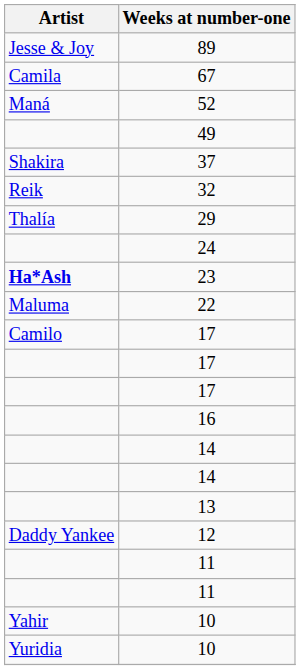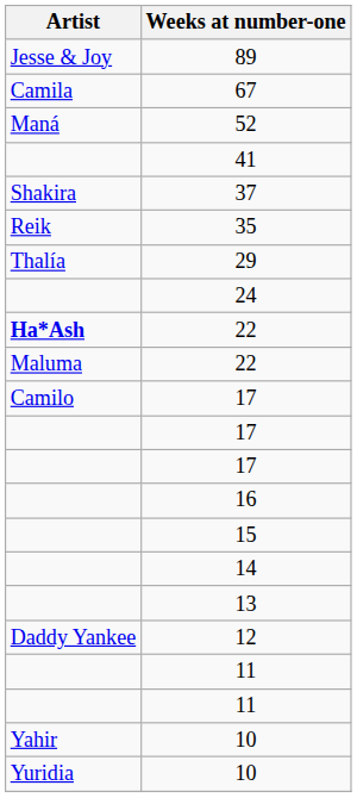 <table class="wikitable sortable" border="1" style="text-align: center;">
 <tr>
 <th>Artist</th>
 <th>Weeks at number-one</th>
 </tr>
 <tr>
 <td align=left><a href='#'>Jesse & Joy</a></td>
 <td>89</td>
 </tr>
 <tr>
 <td align=left><a href='#'>Camila</a></td>
 <td>67</td>
 </tr>
 <tr>
 <td align=left><a href='#'>Maná</a></td>
 <td>52</td>
 </tr>
 <tr>
 <td align=left></td>
-<td>49</td>
+<td>41</td>
 </tr>
 <tr>
 <td align=left><a href='#'>Shakira</a></td>
 <td>37</td>
 </tr>
 <tr>
 <td align=left><a href='#'>Reik</a></td>
-<td>32</td>
+<td>35</td>
 </tr>
 <tr>
 <td align=left><a href='#'>Thalía</a></td>
 <td>29</td>
 </tr>
 <tr>
 <td align=left></td>
 <td>24</td>
 </tr>
 <tr>
 <td align=left><strong><a href='#'>Ha*Ash</a></strong></td>
-<td>23</td>
+<td>22</td>
 </tr>
 <tr>
 <td align=left><a href='#'>Maluma</a></td>
 <td>22</td>
 </tr>
 <tr>
 <td align=left><a href='#'>Camilo</a></td>
 <td>17</td>
 </tr>
 <tr>
 <td align=left></td>
 <td>17</td>
 </tr>
 <tr>
 <td align=left></td>
 <td>17</td>
 </tr>
 <tr>
 <td align=left></td>
 <td>16</td>
 </tr>
 <tr>
 <td align=left></td>
-<td>14</td>
+<td>15</td>
 </tr>
 <tr>
 <td align=left></td>
 <td>14</td>
 </tr>
 <tr>
 <td align=left></td>
 <td>13</td>
 </tr>
 <tr>
 <td align=left><a href='#'>Daddy Yankee</a></td>
 <td>12</td>
 </tr>
 <tr>
 <td align=left></td>
 <td>11</td>
 </tr>
 <tr>
 <td align=left></td>
 <td>11</td>
 </tr>
 <tr>
 <td align=left><a href='#'>Yahir</a></td>
 <td>10</td>
 </tr>
 <tr>
 <td align=left><a href='#'>Yuridia</a></td>
 <td>10</td>
 </tr>
 <tr>
 </tr>
 </table>
